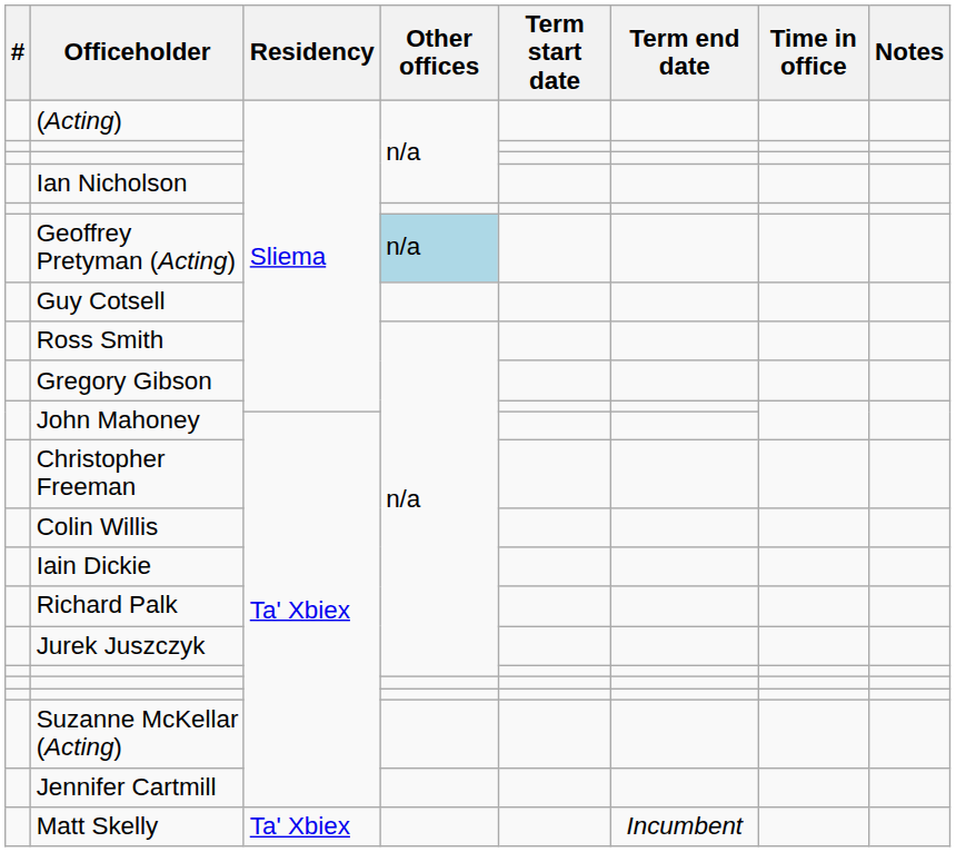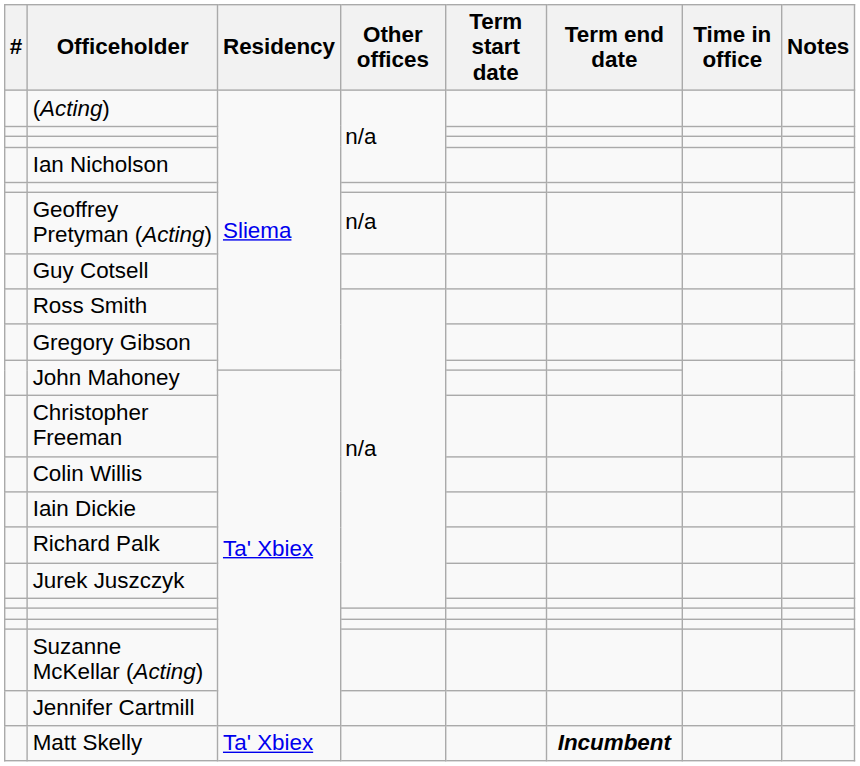 <table class='wikitable sortable'>
 <tr>
 <th>#</th>
 <th>Officeholder</th>
 <th>Residency</th>
 <th>Other offices</th>
 <th>Term start date</th>
 <th>Term end date</th>
 <th>Time in office</th>
 <th>Notes</th>
 </tr>
 <tr>
 <td align=center></td>
 <td> (<em>Acting</em>)</td>
 <td rowspan=10><a href='#'>Sliema</a></td>
 <td rowspan=4>n/a</td>
 <td align=center></td>
 <td align=center></td>
 <td align=right></td>
 <td></td>
 </tr>
 <tr>
 <td align=center></td>
 <td></td>
 <td align=center></td>
 <td align=center></td>
 <td align=right><strong></strong></td>
 <td></td>
 </tr>
 <tr>
 <td align=center></td>
 <td></td>
 <td align=center></td>
 <td align=center></td>
 <td align=right></td>
 <td></td>
 </tr>
 <tr>
 <td align=center></td>
 <td>Ian Nicholson</td>
 <td align=center></td>
 <td align=center></td>
 <td align=right></td>
 <td></td>
 </tr>
 <tr>
 <td align=center></td>
 <td></td>
 <td></td>
 <td align=center></td>
 <td align=center></td>
 <td align=right></td>
 <td></td>
 </tr>
 <tr>
 <td align=center></td>
 <td>Geoffrey Pretyman (<em>Acting</em>)</td>
-<td style="background: lightblue;">n/a</td>
+<td>n/a</td>
 <td align=center></td>
 <td align=center></td>
 <td align=right></td>
 <td></td>
 </tr>
 <tr>
 <td align=center></td>
 <td>Guy Cotsell</td>
 <td></td>
 <td align=center></td>
 <td align=center></td>
 <td align=right></td>
 <td></td>
 </tr>
 <tr>
 <td align=center></td>
 <td>Ross Smith</td>
 <td rowspan=10>n/a</td>
 <td align=center></td>
 <td align=center></td>
 <td align=right></td>
 <td></td>
 </tr>
 <tr>
 <td align=center></td>
 <td>Gregory Gibson</td>
 <td align=center></td>
 <td align=center></td>
 <td align=right></td>
 <td></td>
 </tr>
 <tr>
 <td rowspan=2 align=center></td>
 <td rowspan=2>John Mahoney</td>
 <td align=center></td>
 <td align=center></td>
 <td rowspan=2 align=right></td>
 <td rowspan=2></td>
 </tr>
 <tr>
 <td rowspan=11><a href='#'>Ta' Xbiex</a></td>
 <td align=center></td>
 <td align=center></td>
 </tr>
 <tr>
 <td align=center></td>
 <td>Christopher Freeman</td>
 <td align=center></td>
 <td align=center></td>
 <td align=right></td>
 <td></td>
 </tr>
 <tr>
 <td align=center></td>
 <td>Colin Willis</td>
 <td align=center></td>
 <td align=center></td>
 <td align=right></td>
 <td></td>
 </tr>
 <tr>
 <td align=center></td>
 <td>Iain Dickie</td>
 <td align=center></td>
 <td align=center></td>
 <td align=right></td>
 <td></td>
 </tr>
 <tr>
 <td align=center></td>
 <td>Richard Palk</td>
 <td align=center></td>
 <td align=center></td>
 <td align=right></td>
 <td></td>
 </tr>
 <tr>
 <td align=center></td>
 <td>Jurek Juszczyk</td>
 <td align=center></td>
 <td align=center></td>
 <td align=right></td>
 <td></td>
 </tr>
 <tr>
 <td align=center></td>
 <td></td>
 <td align=center></td>
 <td align=center></td>
 <td align=right></td>
 <td></td>
 </tr>
 <tr>
 <td align=center></td>
 <td></td>
 <td></td>
 <td align=center></td>
 <td align=center></td>
 <td align=right></td>
 <td></td>
 </tr>
 <tr>
 <td align=center></td>
 <td></td>
 <td></td>
 <td align=center></td>
 <td align=center></td>
 <td align=right></td>
 <td></td>
 </tr>
 <tr>
 <td align=center></td>
 <td>Suzanne McKellar (<em>Acting</em>)</td>
 <td></td>
 <td align=center></td>
 <td align=center></td>
 <td align=right></td>
 <td></td>
 </tr>
 <tr>
 <td align=center></td>
 <td>Jennifer Cartmill</td>
 <td></td>
 <td align=center></td>
 <td align=center></td>
 <td align=right></td>
 <td></td>
 </tr>
 <tr>
 <td align=center></td>
 <td>Matt Skelly</td>
 <td rowspan=11><a href='#'>Ta' Xbiex</a></td>
 <td></td>
 <td align=center></td>
-<td align=center><em>Incumbent</em></td>
+<td align=center><strong><em>Incumbent</em></strong></td>
 <td align=right></td>
 <td></td>
 </tr>
 </table>
